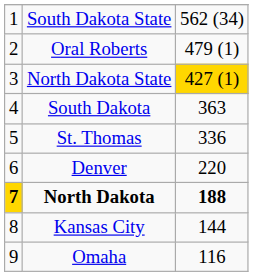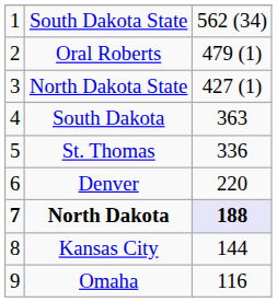 <table class="wikitable" border="1">
 <tr align=center>
 </tr>
 <tr align="center">
 <td>1</td>
 <td><a href='#'>South Dakota State</a></td>
 <td>562 (34)</td>
 </tr>
 <tr align="center">
 <td>2</td>
 <td><a href='#'>Oral Roberts</a></td>
 <td>479 (1)</td>
 </tr>
 <tr align="center">
 <td>3</td>
 <td><a href='#'>North Dakota State</a></td>
-<td style="background: gold;">427 (1)</td>
+<td>427 (1)</td>
 </tr>
 <tr align="center">
 <td>4</td>
 <td><a href='#'>South Dakota</a></td>
 <td>363</td>
 </tr>
 <tr align="center">
 <td>5</td>
 <td><a href='#'>St. Thomas</a></td>
 <td>336</td>
 </tr>
 <tr align="center">
 <td>6</td>
 <td><a href='#'>Denver</a></td>
 <td>220</td>
 </tr>
 <tr align="center">
-<td style="background: gold;"><strong>7</strong></td>
+<td><strong>7</strong></td>
 <td><strong>North Dakota</strong></td>
-<td><strong>188</strong></td>
+<td style="background: lavender;"><strong>188</strong></td>
 </tr>
 <tr align="center">
 <td>8</td>
 <td><a href='#'>Kansas City</a></td>
 <td>144</td>
 </tr>
 <tr align="center">
 <td>9</td>
 <td><a href='#'>Omaha</a></td>
 <td>116</td>
 </tr>
 </table>
